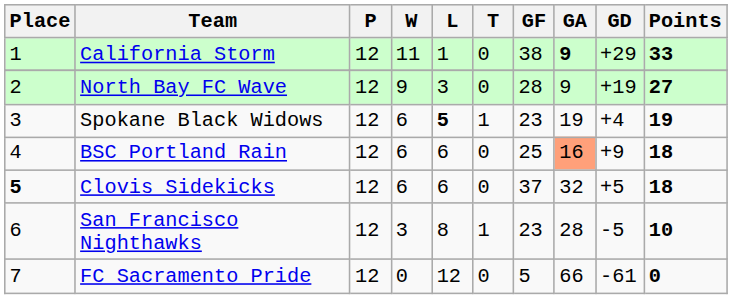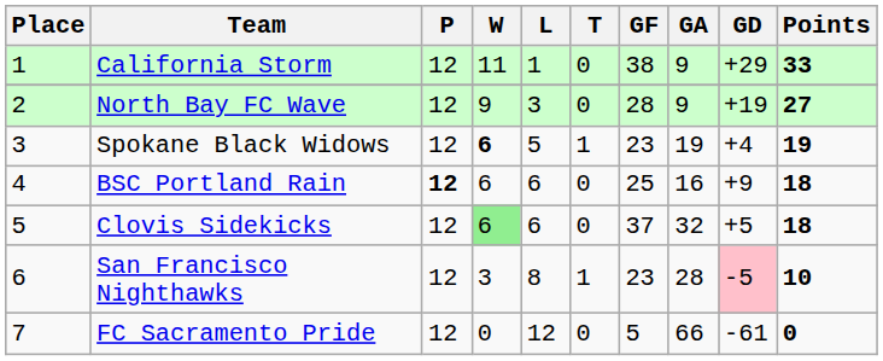 <table class="wikitable">
 <tr>
 <th>Place</th>
 <th width="170">Team</th>
 <th width="20">P</th>
 <th width="20">W</th>
 <th width="20">L</th>
 <th width="20">T</th>
 <th width="20">GF</th>
 <th width="20">GA</th>
 <th width="25">GD</th>
 <th>Points</th>
 </tr>
 <tr bgcolor=#ccffcc>
 <td>1</td>
 <td><a href='#'>California Storm</a></td>
 <td>12</td>
 <td>11</td>
 <td>1</td>
 <td>0</td>
 <td>38</td>
-<td><strong>9</strong></td>
+<td>9</td>
 <td>+29</td>
 <td><strong>33</strong></td>
 </tr>
 <tr>
 </tr>
 <tr bgcolor=#ccffcc>
 <td>2</td>
 <td><a href='#'>North Bay FC Wave</a></td>
 <td>12</td>
 <td>9</td>
 <td>3</td>
 <td>0</td>
 <td>28</td>
 <td>9</td>
 <td>+19</td>
 <td><strong>27</strong></td>
 </tr>
 <tr>
 <td>3</td>
 <td>Spokane Black Widows</td>
 <td>12</td>
-<td>6</td>
-<td><strong>5</strong></td>
+<td><strong>6</strong></td>
+<td>5</td>
 <td>1</td>
 <td>23</td>
 <td>19</td>
 <td>+4</td>
 <td><strong>19</strong></td>
 </tr>
 <tr>
 <td>4</td>
 <td><a href='#'>BSC Portland Rain</a></td>
-<td>12</td>
+<td><strong>12</strong></td>
 <td>6</td>
 <td>6</td>
 <td>0</td>
 <td>25</td>
-<td style="background: lightsalmon;">16</td>
+<td>16</td>
 <td>+9</td>
 <td><strong>18</strong></td>
 </tr>
 <tr>
-<td><strong>5</strong></td>
+<td>5</td>
 <td><a href='#'>Clovis Sidekicks</a></td>
 <td>12</td>
-<td>6</td>
+<td style="background: lightgreen;">6</td>
 <td>6</td>
 <td>0</td>
 <td>37</td>
 <td>32</td>
 <td>+5</td>
 <td><strong>18</strong></td>
 </tr>
 <tr>
 <td>6</td>
 <td><a href='#'>San Francisco Nighthawks</a></td>
 <td>12</td>
 <td>3</td>
 <td>8</td>
 <td>1</td>
 <td>23</td>
 <td>28</td>
-<td>-5</td>
+<td style="background: pink;">-5</td>
 <td><strong>10</strong></td>
 </tr>
 <tr>
 <td>7</td>
 <td><a href='#'>FC Sacramento Pride</a></td>
 <td>12</td>
 <td>0</td>
 <td>12</td>
 <td>0</td>
 <td>5</td>
 <td>66</td>
 <td>-61</td>
 <td><strong>0</strong></td>
 </tr>
 </table>
